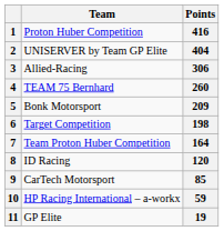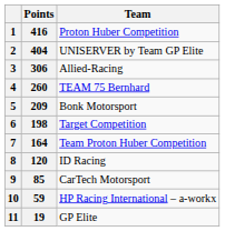 <table class="wikitable" style="font-size:85%">
 <tr>
 <th></th>
+<th>Points</th>
 <th>Team</th>
-<th>Points</th>
 </tr>
 <tr>
 <th>1</th>
+<th>416</th>
 <td> <a href='#'>Proton Huber Competition</a></td>
-<th>416</th>
 </tr>
 <tr>
 <th>2</th>
+<th>404</th>
 <td> UNISERVER by Team GP Elite</td>
-<th>404</th>
 </tr>
 <tr>
 <th>3</th>
+<th>306</th>
 <td> Allied-Racing</td>
-<th>306</th>
 </tr>
 <tr>
 <th>4</th>
+<th>260</th>
 <td> <a href='#'>TEAM 75 Bernhard</a></td>
-<th>260</th>
 </tr>
 <tr>
 <th>5</th>
+<th>209</th>
 <td> Bonk Motorsport</td>
-<th>209</th>
 </tr>
 <tr>
 <th>6</th>
+<th>198</th>
 <td> <a href='#'>Target Competition</a></td>
-<th>198</th>
 </tr>
 <tr>
 <th>7</th>
+<th>164</th>
 <td> <a href='#'>Team Proton Huber Competition</a></td>
-<th>164</th>
 </tr>
 <tr>
 <th>8</th>
+<th>120</th>
 <td> ID Racing</td>
-<th>120</th>
 </tr>
 <tr>
 <th>9</th>
+<th>85</th>
 <td> CarTech Motorsport</td>
-<th>85</th>
 </tr>
 <tr>
 <th>10</th>
+<th>59</th>
 <td> <a href='#'>HP Racing International</a> – a-workx</td>
-<th>59</th>
 </tr>
 <tr>
 <th>11</th>
+<th>19</th>
 <td> GP Elite</td>
-<th>19</th>
 </tr>
 </table>
